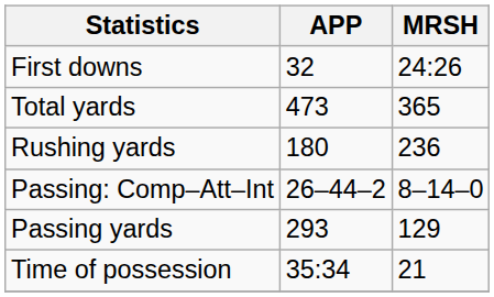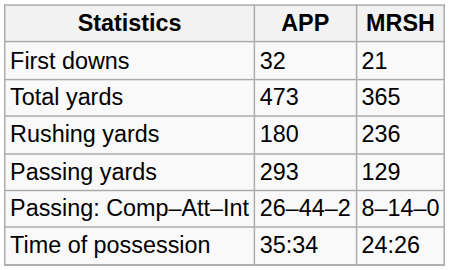 <table class="wikitable" style="float: left;">
 <tr>
 <th>Statistics</th>
 <th>APP</th>
 <th>MRSH</th>
 </tr>
 <tr>
 <td>First downs</td>
 <td>32</td>
-<td>24:26</td>
+<td>21</td>
 </tr>
 <tr>
 <td>Total yards</td>
 <td>473</td>
 <td>365</td>
 </tr>
 <tr>
 <td>Rushing yards</td>
 <td>180</td>
 <td>236</td>
 </tr>
 <tr>
+<td>Passing yards</td>
+<td>293</td>
+<td>129</td>
+</tr>
+<tr>
 <td>Passing: Comp–Att–Int</td>
 <td>26–44–2</td>
 <td>8–14–0</td>
 </tr>
 <tr>
-<td>Passing yards</td>
-<td>293</td>
-<td>129</td>
-</tr>
-<tr>
 <td>Time of possession</td>
 <td>35:34</td>
-<td>21</td>
+<td>24:26</td>
 </tr>
 <tr>
 </tr>
 </table>
